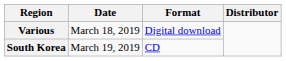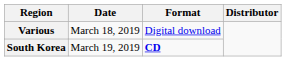 <table class="wikitable plainrowheaders">
 <tr>
 <th>Region</th>
 <th>Date</th>
 <th>Format</th>
 <th>Distributor</th>
 </tr>
 <tr>
 <th scope="row">Various</th>
 <td rowspan="2">March 18, 2019</td>
 <td rowspan="2"><a href='#'>Digital download</a></td>
 <td rowspan="3"></td>
 </tr>
 <tr>
 <th scope="row" rowspan="2">South Korea</th>
 </tr>
 <tr>
 <td>March 19, 2019</td>
-<td><a href='#'>CD</a></td>
+<td><strong><a href='#'>CD</a></strong></td>
 </tr>
 </table>
